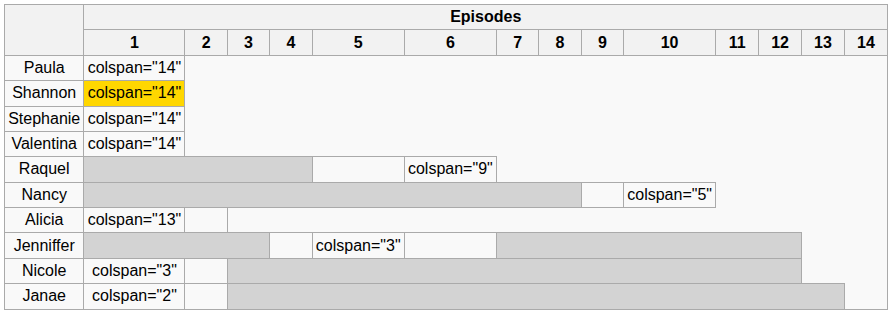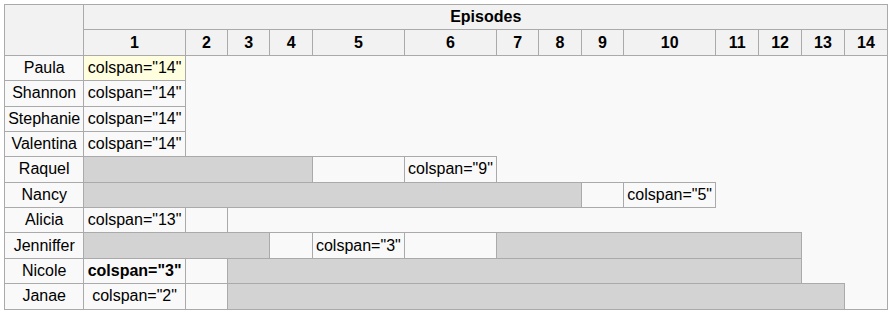 <table class="wikitable plainrowheaders" style="text-align:center; width:100%;">
 <tr>
 <th scope="col" rowspan="2" style="width:5%;"></th>
 <th scope="col" colspan="14">Episodes</th>
 </tr>
 <tr>
 <th scope="col" style="width:5%;">1</th>
 <th scope="col" style="width:5%;">2</th>
 <th scope="col" style="width:5%;">3</th>
 <th scope="col" style="width:5%;">4</th>
 <th scope="col" style="width:5%;">5</th>
 <th scope="col" style="width:5%;">6</th>
 <th scope="col" style="width:5%;">7</th>
 <th scope="col" style="width:5%;">8</th>
 <th scope="col" style="width:5%;">9</th>
 <th scope="col" style="width:5%;">10</th>
 <th scope="col" style="width:5%;">11</th>
 <th scope="col" style="width:5%;">12</th>
 <th scope="col" style="width:5%;">13</th>
 <th scope="col" style="width:5%;">14</th>
 </tr>
 <tr>
 <td scope="row">Paula</td>
-<td>colspan="14" </td>
+<td style="background: lightyellow;">colspan="14" </td>
 </tr>
 <tr>
 <td scope="row">Shannon</td>
-<td style="background: gold;">colspan="14" </td>
+<td>colspan="14" </td>
 </tr>
 <tr>
 <td scope="row">Stephanie</td>
 <td>colspan="14" </td>
 </tr>
 <tr>
 <td scope="row">Valentina</td>
 <td>colspan="14" </td>
 </tr>
 <tr>
 <td scope="row">Raquel</td>
 <td colspan="4" style="background:lightgray;"></td>
 <td></td>
 <td>colspan="9" </td>
 </tr>
 <tr>
 <td scope="row">Nancy</td>
 <td colspan="8" style="background:lightgray;"></td>
 <td></td>
 <td>colspan="5" </td>
 </tr>
 <tr>
 <td scope="row">Alicia</td>
 <td>colspan="13" </td>
 <td></td>
 </tr>
 <tr>
 <td scope="row">Jenniffer</td>
 <td colspan="3" style="background:lightgray;"></td>
 <td></td>
 <td>colspan="3" </td>
 <td></td>
 <td colspan="6" style="background:lightgray;"></td>
 </tr>
 <tr>
 <td scope="row">Nicole</td>
-<td>colspan="3" </td>
+<td><strong>colspan="3" </strong></td>
 <td></td>
 <td colspan="10" style="background:lightgray;"></td>
 </tr>
 <tr>
 <td scope="row">Janae</td>
 <td>colspan="2" </td>
 <td></td>
 <td colspan="11" style="background:lightgray;"></td>
 </tr>
 </table>
